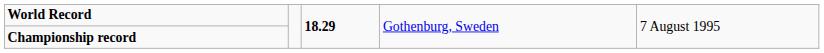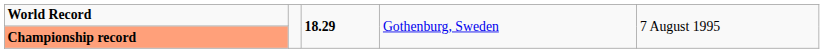 <table class="wikitable" width=75%>
 <tr>
 <td><strong>World Record</strong></td>
 <td rowspan="2"></td>
 <td rowspan="2"><strong>18.29</strong></td>
 <td rowspan="2"><a href='#'>Gothenburg, Sweden</a></td>
 <td rowspan="2">7 August 1995</td>
 </tr>
 <tr>
-<td><strong>Championship record</strong></td>
+<td style="background: lightsalmon;"><strong>Championship record</strong></td>
 </tr>
 </table>
